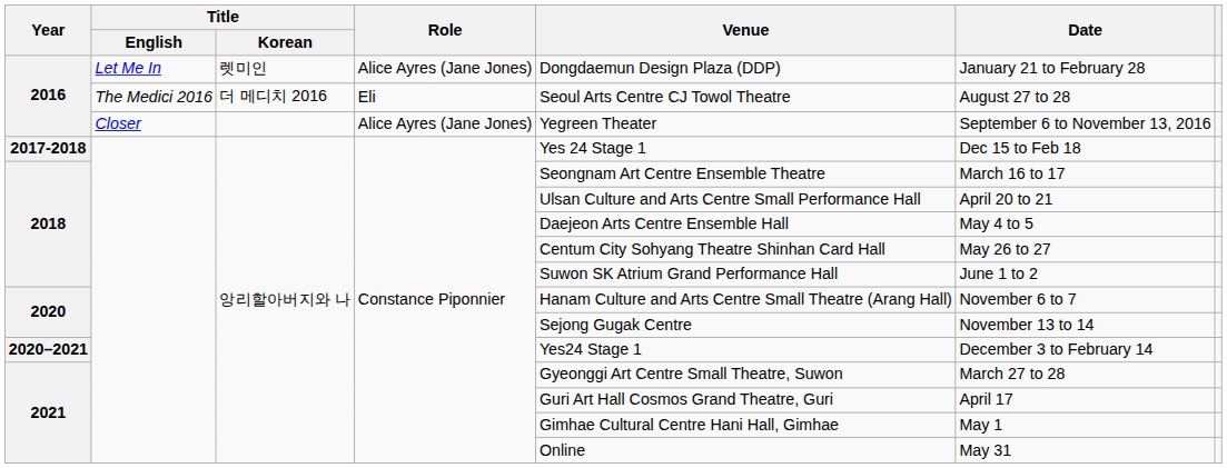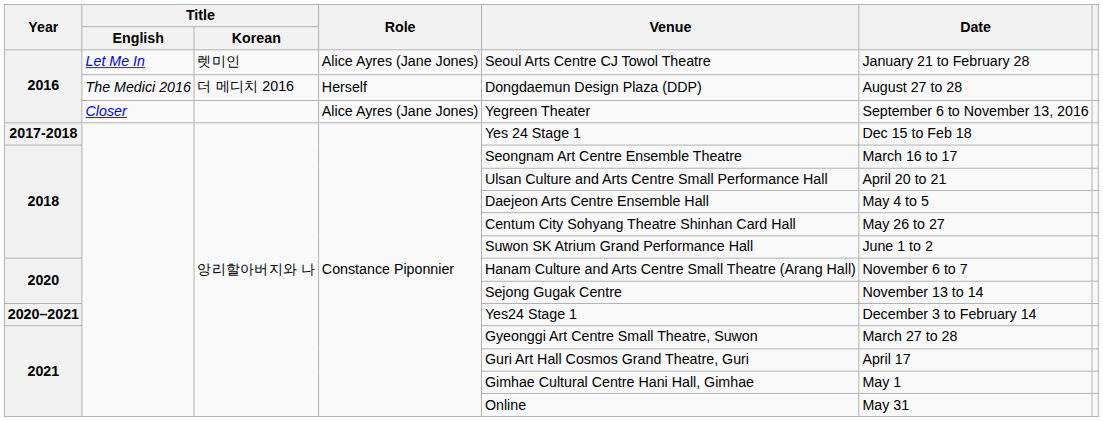 <table class="wikitable plainrowheaders sortable" style="text-align:left; font-size:100%;">
 <tr>
 <th scope="col" rowspan="2">Year</th>
 <th scope="col" colspan="2">Title</th>
 <th scope="col" rowspan="2">Role</th>
 <th scope="col" rowspan="2" class="unsortable">Venue</th>
 <th scope="col" rowspan="2">Date</th>
 <th rowspan="2" scope="col" class="unsortable"></th>
 </tr>
 <tr>
 <th>English</th>
 <th>Korean</th>
 </tr>
 <tr>
 <th scope="row" rowspan="3">2016</th>
 <td><em><a href='#'>Let Me In</a></em></td>
 <td>렛미인</td>
 <td>Alice Ayres (Jane Jones)</td>
-<td>Dongdaemun Design Plaza (DDP)</td>
+<td>Seoul Arts Centre CJ Towol Theatre</td>
 <td>January 21 to February 28</td>
 <td style="text-align:center"></td>
 </tr>
 <tr>
 <td><em>The Medici 2016</em></td>
 <td>더 메디치 2016</td>
-<td>Eli</td>
-<td>Seoul Arts Centre CJ Towol Theatre</td>
+<td>Herself</td>
+<td>Dongdaemun Design Plaza (DDP)</td>
 <td>August 27 to 28</td>
 <td style="text-align:center"></td>
 </tr>
 <tr>
 <td><em><a href='#'>Closer</a></em></td>
 <td></td>
 <td>Alice Ayres (Jane Jones)</td>
 <td>Yegreen Theater</td>
 <td>September 6 to November 13, 2016</td>
 <td style="text-align:center"></td>
 </tr>
 <tr>
 <th scope="row">2017-2018</th>
 <td rowspan="13"><em></em></td>
 <td rowspan="13">앙리할아버지와 나</td>
 <td rowspan="13">Constance Piponnier</td>
 <td>Yes 24 Stage 1</td>
 <td>Dec 15 to Feb 18</td>
 <td style="text-align:center"></td>
 </tr>
 <tr>
 <th scope="row" rowspan="5">2018</th>
 <td>Seongnam Art Centre Ensemble Theatre</td>
 <td>March 16 to 17</td>
 <td style="text-align:center"></td>
 </tr>
 <tr>
 <td>Ulsan Culture and Arts Centre Small Performance Hall</td>
 <td>April 20 to 21</td>
 <td style="text-align:center"></td>
 </tr>
 <tr>
 <td>Daejeon Arts Centre Ensemble Hall</td>
 <td>May 4 to 5</td>
 <td style="text-align:center"></td>
 </tr>
 <tr>
 <td>Centum City Sohyang Theatre Shinhan Card Hall</td>
 <td>May 26 to 27</td>
 <td style="text-align:center"></td>
 </tr>
 <tr>
 <td>Suwon SK Atrium Grand Performance Hall</td>
 <td>June 1 to 2</td>
 <td style="text-align:center"></td>
 </tr>
 <tr>
 <th scope="row" rowspan="2">2020</th>
 <td>Hanam Culture and Arts Centre Small Theatre (Arang Hall)</td>
 <td>November 6 to 7</td>
 <td style="text-align:center"></td>
 </tr>
 <tr>
 <td>Sejong Gugak Centre</td>
 <td>November 13 to 14</td>
 <td style="text-align:center"></td>
 </tr>
 <tr>
 <th scope="row">2020–2021</th>
 <td>Yes24 Stage 1</td>
 <td>December 3 to February 14</td>
 <td style="text-align:center"></td>
 </tr>
 <tr>
 <th scope="row" rowspan="4">2021</th>
 <td>Gyeonggi Art Centre Small Theatre, Suwon</td>
 <td>March 27 to 28</td>
 <td style="text-align:center"></td>
 </tr>
 <tr>
 <td>Guri Art Hall Cosmos Grand Theatre, Guri</td>
 <td>April 17</td>
 <td style="text-align:center"></td>
 </tr>
 <tr>
 <td>Gimhae Cultural Centre Hani Hall, Gimhae</td>
 <td>May 1</td>
 <td style="text-align:center"></td>
 </tr>
 <tr>
 <td>Online</td>
 <td>May 31</td>
 <td style="text-align:center"></td>
 </tr>
 </table>
